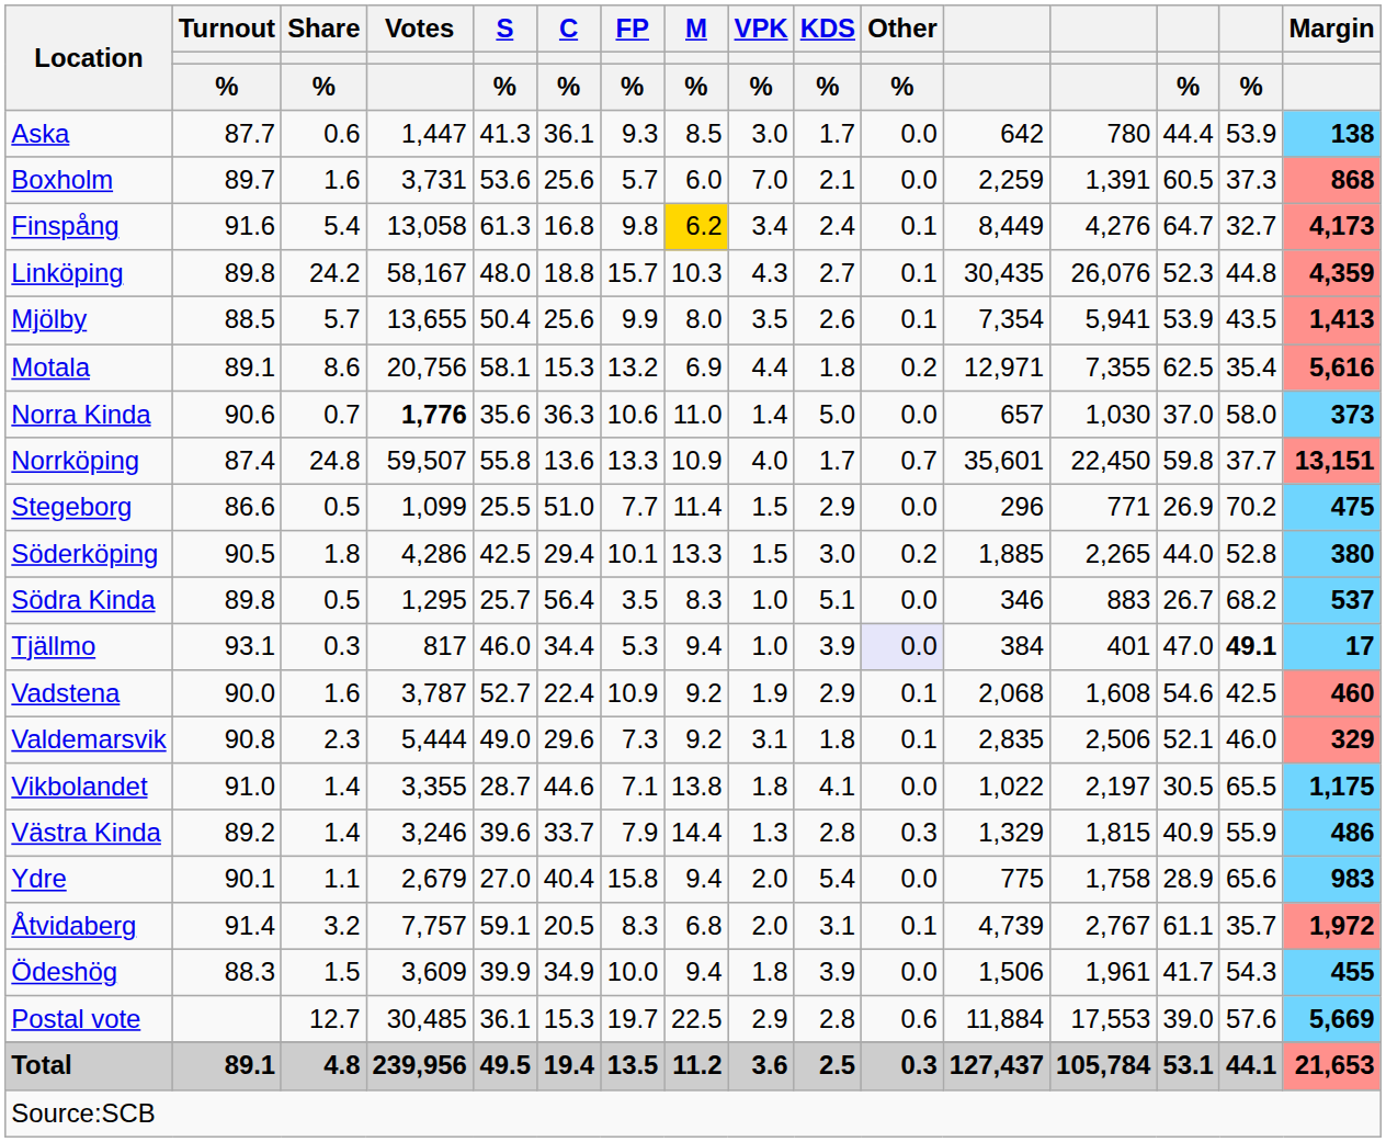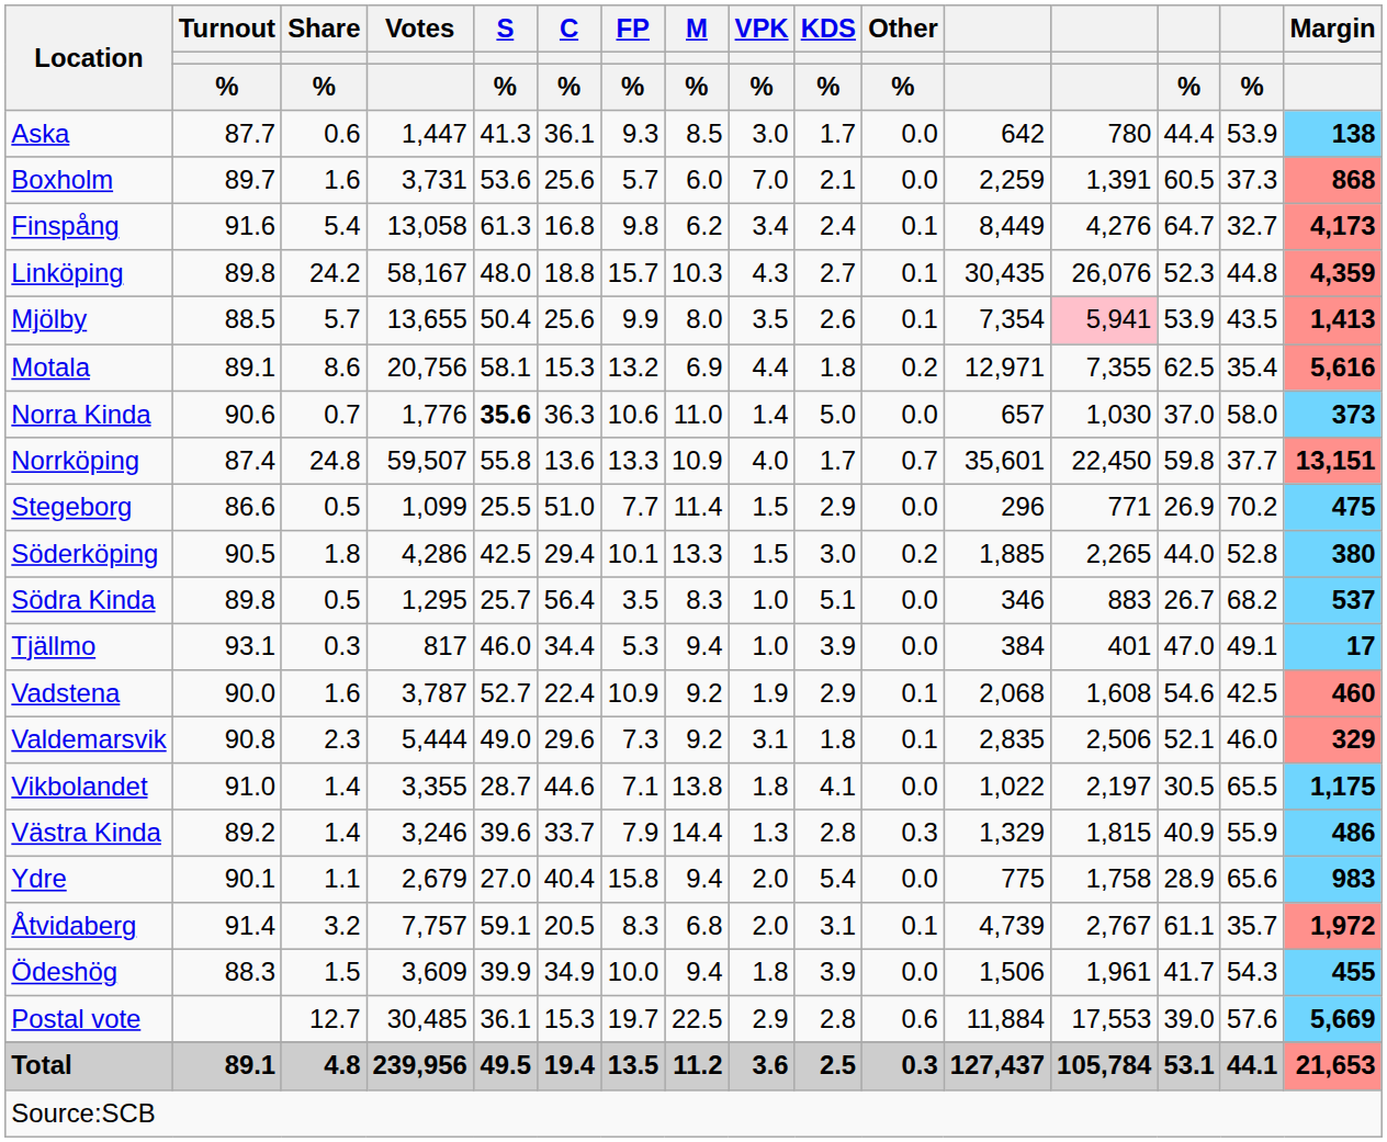 <table class="wikitable sortable" style="text-align:right; font-size:95%; line-height:20px;">
 <tr>
 <th rowspan="3">Location</th>
 <th>Turnout</th>
 <th>Share</th>
 <th>Votes</th>
 <th width="30px" class="unsortable"><a href='#'>S</a></th>
 <th width="30px" class="unsortable"><a href='#'>C</a></th>
 <th width="30px" class="unsortable"><a href='#'>FP</a></th>
 <th width="30px" class="unsortable"><a href='#'>M</a></th>
 <th width="30px" class="unsortable"><a href='#'>VPK</a></th>
 <th width="30px" class="unsortable"><a href='#'>KDS</a></th>
 <th width="30px" class="unsortable">Other</th>
 <th></th>
 <th></th>
 <th></th>
 <th></th>
 <th>Margin</th>
 </tr>
 <tr>
 <th></th>
 <th></th>
 <th></th>
 <th style="background:"></th>
 <th style="background:"></th>
 <th style="background:"></th>
 <th style="background:"></th>
 <th style="background:"></th>
 <th style="background:"></th>
 <th style="background:"></th>
 <th style="background:"></th>
 <th style="background:"></th>
 <th style="background:"></th>
 <th style="background:"></th>
 <th></th>
 </tr>
 <tr>
 <th data-sort-type="number">%</th>
 <th data-sort-type="number">%</th>
 <th></th>
 <th data-sort-type="number">%</th>
 <th data-sort-type="number">%</th>
 <th data-sort-type="number">%</th>
 <th data-sort-type="number">%</th>
 <th data-sort-type="number">%</th>
 <th data-sort-type="number">%</th>
 <th data-sort-type="number">%</th>
 <th data-sort-type="number"></th>
 <th data-sort-type="number"></th>
 <th data-sort-type="number">%</th>
 <th data-sort-type="number">%</th>
 <th data-sort-type="number"></th>
 </tr>
 <tr>
 <td align=left><a href='#'>Aska</a></td>
 <td>87.7</td>
 <td>0.6</td>
 <td>1,447</td>
 <td>41.3</td>
 <td>36.1</td>
 <td>9.3</td>
 <td>8.5</td>
 <td>3.0</td>
 <td>1.7</td>
 <td>0.0</td>
 <td>642</td>
 <td>780</td>
 <td>44.4</td>
 <td>53.9</td>
 <td bgcolor=#6fd5fe><strong>138</strong></td>
 </tr>
 <tr>
 <td align=left><a href='#'>Boxholm</a></td>
 <td>89.7</td>
 <td>1.6</td>
 <td>3,731</td>
 <td>53.6</td>
 <td>25.6</td>
 <td>5.7</td>
 <td>6.0</td>
 <td>7.0</td>
 <td>2.1</td>
 <td>0.0</td>
 <td>2,259</td>
 <td>1,391</td>
 <td>60.5</td>
 <td>37.3</td>
 <td bgcolor=#ff908c><strong>868</strong></td>
 </tr>
 <tr>
 <td align=left><a href='#'>Finspång</a></td>
 <td>91.6</td>
 <td>5.4</td>
 <td>13,058</td>
 <td>61.3</td>
 <td>16.8</td>
 <td>9.8</td>
-<td style="background: gold;">6.2</td>
+<td>6.2</td>
 <td>3.4</td>
 <td>2.4</td>
 <td>0.1</td>
 <td>8,449</td>
 <td>4,276</td>
 <td>64.7</td>
 <td>32.7</td>
 <td bgcolor=#ff908c><strong>4,173</strong></td>
 </tr>
 <tr>
 <td align=left><a href='#'>Linköping</a></td>
 <td>89.8</td>
 <td>24.2</td>
 <td>58,167</td>
 <td>48.0</td>
 <td>18.8</td>
 <td>15.7</td>
 <td>10.3</td>
 <td>4.3</td>
 <td>2.7</td>
 <td>0.1</td>
 <td>30,435</td>
 <td>26,076</td>
 <td>52.3</td>
 <td>44.8</td>
 <td bgcolor=#ff908c><strong>4,359</strong></td>
 </tr>
 <tr>
 <td align=left><a href='#'>Mjölby</a></td>
 <td>88.5</td>
 <td>5.7</td>
 <td>13,655</td>
 <td>50.4</td>
 <td>25.6</td>
 <td>9.9</td>
 <td>8.0</td>
 <td>3.5</td>
 <td>2.6</td>
 <td>0.1</td>
 <td>7,354</td>
-<td>5,941</td>
+<td style="background: pink;">5,941</td>
 <td>53.9</td>
 <td>43.5</td>
 <td bgcolor=#ff908c><strong>1,413</strong></td>
 </tr>
 <tr>
 <td align=left><a href='#'>Motala</a></td>
 <td>89.1</td>
 <td>8.6</td>
 <td>20,756</td>
 <td>58.1</td>
 <td>15.3</td>
 <td>13.2</td>
 <td>6.9</td>
 <td>4.4</td>
 <td>1.8</td>
 <td>0.2</td>
 <td>12,971</td>
 <td>7,355</td>
 <td>62.5</td>
 <td>35.4</td>
 <td bgcolor=#ff908c><strong>5,616</strong></td>
 </tr>
 <tr>
 <td align=left><a href='#'>Norra Kinda</a></td>
 <td>90.6</td>
 <td>0.7</td>
-<td><strong>1,776</strong></td>
-<td>35.6</td>
+<td>1,776</td>
+<td><strong>35.6</strong></td>
 <td>36.3</td>
 <td>10.6</td>
 <td>11.0</td>
 <td>1.4</td>
 <td>5.0</td>
 <td>0.0</td>
 <td>657</td>
 <td>1,030</td>
 <td>37.0</td>
 <td>58.0</td>
 <td bgcolor=#6fd5fe><strong>373</strong></td>
 </tr>
 <tr>
 <td align=left><a href='#'>Norrköping</a></td>
 <td>87.4</td>
 <td>24.8</td>
 <td>59,507</td>
 <td>55.8</td>
 <td>13.6</td>
 <td>13.3</td>
 <td>10.9</td>
 <td>4.0</td>
 <td>1.7</td>
 <td>0.7</td>
 <td>35,601</td>
 <td>22,450</td>
 <td>59.8</td>
 <td>37.7</td>
 <td bgcolor=#ff908c><strong>13,151</strong></td>
 </tr>
 <tr>
 <td align=left><a href='#'>Stegeborg</a></td>
 <td>86.6</td>
 <td>0.5</td>
 <td>1,099</td>
 <td>25.5</td>
 <td>51.0</td>
 <td>7.7</td>
 <td>11.4</td>
 <td>1.5</td>
 <td>2.9</td>
 <td>0.0</td>
 <td>296</td>
 <td>771</td>
 <td>26.9</td>
 <td>70.2</td>
 <td bgcolor=#6fd5fe><strong>475</strong></td>
 </tr>
 <tr>
 <td align=left><a href='#'>Söderköping</a></td>
 <td>90.5</td>
 <td>1.8</td>
 <td>4,286</td>
 <td>42.5</td>
 <td>29.4</td>
 <td>10.1</td>
 <td>13.3</td>
 <td>1.5</td>
 <td>3.0</td>
 <td>0.2</td>
 <td>1,885</td>
 <td>2,265</td>
 <td>44.0</td>
 <td>52.8</td>
 <td bgcolor=#6fd5fe><strong>380</strong></td>
 </tr>
 <tr>
 <td align=left><a href='#'>Södra Kinda</a></td>
 <td>89.8</td>
 <td>0.5</td>
 <td>1,295</td>
 <td>25.7</td>
 <td>56.4</td>
 <td>3.5</td>
 <td>8.3</td>
 <td>1.0</td>
 <td>5.1</td>
 <td>0.0</td>
 <td>346</td>
 <td>883</td>
 <td>26.7</td>
 <td>68.2</td>
 <td bgcolor=#6fd5fe><strong>537</strong></td>
 </tr>
 <tr>
 <td align=left><a href='#'>Tjällmo</a></td>
 <td>93.1</td>
 <td>0.3</td>
 <td>817</td>
 <td>46.0</td>
 <td>34.4</td>
 <td>5.3</td>
 <td>9.4</td>
 <td>1.0</td>
 <td>3.9</td>
-<td style="background: lavender;">0.0</td>
+<td>0.0</td>
 <td>384</td>
 <td>401</td>
 <td>47.0</td>
-<td><strong>49.1</strong></td>
+<td>49.1</td>
 <td bgcolor=#6fd5fe><strong>17</strong></td>
 </tr>
 <tr>
 <td align=left><a href='#'>Vadstena</a></td>
 <td>90.0</td>
 <td>1.6</td>
 <td>3,787</td>
 <td>52.7</td>
 <td>22.4</td>
 <td>10.9</td>
 <td>9.2</td>
 <td>1.9</td>
 <td>2.9</td>
 <td>0.1</td>
 <td>2,068</td>
 <td>1,608</td>
 <td>54.6</td>
 <td>42.5</td>
 <td bgcolor=#ff908c><strong>460</strong></td>
 </tr>
 <tr>
 <td align=left><a href='#'>Valdemarsvik</a></td>
 <td>90.8</td>
 <td>2.3</td>
 <td>5,444</td>
 <td>49.0</td>
 <td>29.6</td>
 <td>7.3</td>
 <td>9.2</td>
 <td>3.1</td>
 <td>1.8</td>
 <td>0.1</td>
 <td>2,835</td>
 <td>2,506</td>
 <td>52.1</td>
 <td>46.0</td>
 <td bgcolor=#ff908c><strong>329</strong></td>
 </tr>
 <tr>
 <td align=left><a href='#'>Vikbolandet</a></td>
 <td>91.0</td>
 <td>1.4</td>
 <td>3,355</td>
 <td>28.7</td>
 <td>44.6</td>
 <td>7.1</td>
 <td>13.8</td>
 <td>1.8</td>
 <td>4.1</td>
 <td>0.0</td>
 <td>1,022</td>
 <td>2,197</td>
 <td>30.5</td>
 <td>65.5</td>
 <td bgcolor=#6fd5fe><strong>1,175</strong></td>
 </tr>
 <tr>
 <td align=left><a href='#'>Västra Kinda</a></td>
 <td>89.2</td>
 <td>1.4</td>
 <td>3,246</td>
 <td>39.6</td>
 <td>33.7</td>
 <td>7.9</td>
 <td>14.4</td>
 <td>1.3</td>
 <td>2.8</td>
 <td>0.3</td>
 <td>1,329</td>
 <td>1,815</td>
 <td>40.9</td>
 <td>55.9</td>
 <td bgcolor=#6fd5fe><strong>486</strong></td>
 </tr>
 <tr>
 <td align=left><a href='#'>Ydre</a></td>
 <td>90.1</td>
 <td>1.1</td>
 <td>2,679</td>
 <td>27.0</td>
 <td>40.4</td>
 <td>15.8</td>
 <td>9.4</td>
 <td>2.0</td>
 <td>5.4</td>
 <td>0.0</td>
 <td>775</td>
 <td>1,758</td>
 <td>28.9</td>
 <td>65.6</td>
 <td bgcolor=#6fd5fe><strong>983</strong></td>
 </tr>
 <tr>
 <td align=left><a href='#'>Åtvidaberg</a></td>
 <td>91.4</td>
 <td>3.2</td>
 <td>7,757</td>
 <td>59.1</td>
 <td>20.5</td>
 <td>8.3</td>
 <td>6.8</td>
 <td>2.0</td>
 <td>3.1</td>
 <td>0.1</td>
 <td>4,739</td>
 <td>2,767</td>
 <td>61.1</td>
 <td>35.7</td>
 <td bgcolor=#ff908c><strong>1,972</strong></td>
 </tr>
 <tr>
 <td align=left><a href='#'>Ödeshög</a></td>
 <td>88.3</td>
 <td>1.5</td>
 <td>3,609</td>
 <td>39.9</td>
 <td>34.9</td>
 <td>10.0</td>
 <td>9.4</td>
 <td>1.8</td>
 <td>3.9</td>
 <td>0.0</td>
 <td>1,506</td>
 <td>1,961</td>
 <td>41.7</td>
 <td>54.3</td>
 <td bgcolor=#6fd5fe><strong>455</strong></td>
 </tr>
 <tr>
 <td align=left><a href='#'>Postal vote</a></td>
 <td></td>
 <td>12.7</td>
 <td>30,485</td>
 <td>36.1</td>
 <td>15.3</td>
 <td>19.7</td>
 <td>22.5</td>
 <td>2.9</td>
 <td>2.8</td>
 <td>0.6</td>
 <td>11,884</td>
 <td>17,553</td>
 <td>39.0</td>
 <td>57.6</td>
 <td bgcolor=#6fd5fe><strong>5,669</strong></td>
 </tr>
 <tr>
 </tr>
 <tr style="background:#CDCDCD;">
 <td align=left><strong>Total</strong></td>
 <td><strong>89.1</strong></td>
 <td><strong>4.8</strong></td>
 <td><strong>239,956</strong></td>
 <td><strong>49.5</strong></td>
 <td><strong>19.4</strong></td>
 <td><strong>13.5</strong></td>
 <td><strong>11.2</strong></td>
 <td><strong>3.6</strong></td>
 <td><strong>2.5</strong></td>
 <td><strong>0.3</strong></td>
 <td><strong>127,437</strong></td>
 <td><strong>105,784</strong></td>
 <td><strong>53.1</strong></td>
 <td><strong>44.1</strong></td>
 <td bgcolor=#ff908c><strong>21,653</strong></td>
 </tr>
 <tr>
 <td align=left colspan=16>Source:SCB </td>
 </tr>
 </table>
